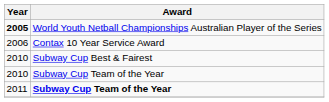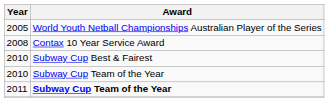 <table class="wikitable collapsible">
 <tr>
 <th>Year</th>
 <th>Award</th>
 </tr>
 <tr>
-<td><strong>2005</strong></td>
+<td>2005</td>
 <td><a href='#'>World Youth Netball Championships</a> Australian Player of the Series</td>
 </tr>
 <tr>
-<td>2006</td>
+<td>2008</td>
 <td><a href='#'>Contax</a> 10 Year Service Award</td>
 </tr>
 <tr>
 <td>2010</td>
 <td><a href='#'>Subway Cup</a> Best & Fairest</td>
 </tr>
 <tr>
 <td>2010</td>
 <td><a href='#'>Subway Cup</a> Team of the Year</td>
 </tr>
 <tr>
 <td>2011</td>
 <td><strong><a href='#'>Subway Cup</a> Team of the Year</strong></td>
 </tr>
 <tr>
 </tr>
 </table>
